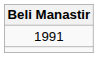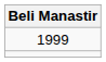 <table class="wikitable" style="margin: 0.5em auto; text-align: center;">
 <tr>
 <th>Beli Manastir</th>
 </tr>
 <tr>
-<td>1991</td>
+<td>1999</td>
 </tr>
 <tr>
 <td></td>
 </tr>
 </table>
